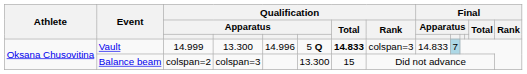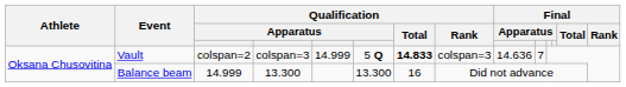 <table class="wikitable" style="font-size:90%">
 <tr>
 <th rowspan=3>Athlete</th>
 <th rowspan=3>Event</th>
 <th colspan=6>Qualification</th>
 <th colspan=6>Final</th>
 </tr>
 <tr style="font-size:95%">
 <th colspan=4>Apparatus</th>
 <th rowspan=2>Total</th>
 <th rowspan=2>Rank</th>
 <th colspan=4>Apparatus</th>
 <th rowspan=2>Total</th>
 <th rowspan=2>Rank</th>
 </tr>
 <tr style="font-size:95%">
 <th></th>
 <th></th>
 <th></th>
 <th></th>
 <th></th>
 <th></th>
 <th></th>
 <th></th>
 </tr>
 <tr align=center>
 <td align=left rowspan=2><a href='#'>Oksana Chusovitina</a></td>
 <td align=left><a href='#'>Vault</a></td>
+<td>colspan=2 </td>
+<td>colspan=3 </td>
 <td>14.999</td>
-<td>13.300</td>
-<td>14.996</td>
 <td>5 <strong>Q</strong></td>
 <td><strong>14.833</strong></td>
 <td>colspan=3 </td>
-<td>14.833</td>
-<td style="background: lightblue;">7</td>
+<td>14.636</td>
+<td>7</td>
 </tr>
 <tr align=center>
 <td align=left><a href='#'>Balance beam</a></td>
-<td>colspan=2 </td>
-<td>colspan=3 </td>
+<td>14.999</td>
+<td>13.300</td>
 <td></td>
 <td>13.300</td>
-<td>15</td>
+<td>16</td>
 <td colspan=6>Did not advance</td>
 </tr>
 </table>
